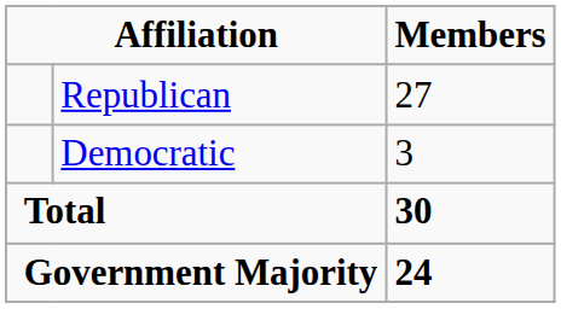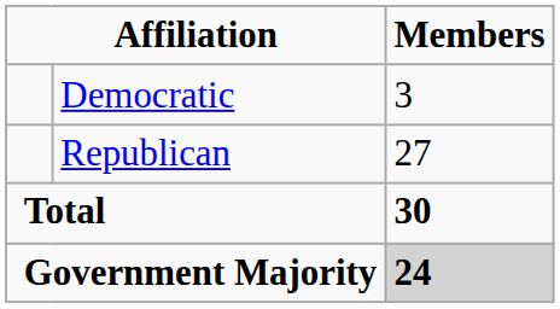 <table class="wikitable">
 <tr>
 <td colspan="2" rowspan="1" align="center" valign="top"><strong>Affiliation</strong></td>
 <td style="vertical-align:top;"><strong>Members</strong></td>
 </tr>
 <tr>
 <td style="background-color:"> </td>
-<td><a href='#'>Republican</a></td>
-<td>27</td>
+<td><a href='#'>Democratic</a></td>
+<td>3</td>
 </tr>
 <tr>
 <td style="background-color:"> </td>
-<td><a href='#'>Democratic</a></td>
-<td>3</td>
+<td><a href='#'>Republican</a></td>
+<td>27</td>
 </tr>
 <tr>
 <td colspan="2" rowspan="1"> <strong>Total</strong></td>
 <td><strong>30</strong></td>
 </tr>
 <tr>
 <td colspan="2" rowspan="1"> <strong>Government Majority</strong></td>
-<td><strong>24</strong></td>
+<td style="background: lightgrey;"><strong>24</strong></td>
 </tr>
 </table>
